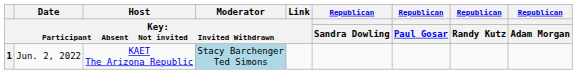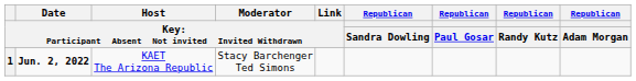 <table class="wikitable" style="text-align:center;">
 <tr>
 <th scope="col"></th>
 <th scope="col">Date</th>
 <th scope="col">Host</th>
 <th scope="col">Moderator</th>
 <th scope="col">Link</th>
 <th scope="col"><small><a href='#'>Republican</a></small></th>
 <th scope="col"><small><a href='#'>Republican</a></small></th>
 <th scope="col"><small><a href='#'>Republican</a></small></th>
 <th scope="col"><small><a href='#'>Republican</a></small></th>
 </tr>
 <tr>
 <th colspan="5" rowspan="2">Key:<br> <small>Participant </small>  <small>Absent </small>  <small>Not invited </small>  <small>Invited  Withdrawn</small></th>
 <th scope="col" style="background:"></th>
 <th scope="col" style="background:"></th>
 <th scope="col" style="background:"></th>
 <th scope="col" style="background:"></th>
 </tr>
 <tr>
 <th scope="col">Sandra Dowling</th>
 <th scope="col"><a href='#'>Paul Gosar</a></th>
 <th scope="col">Randy Kutz</th>
 <th scope="col">Adam Morgan</th>
 </tr>
 <tr>
 <th>1</th>
-<td style="white-space:nowrap;">Jun. 2, 2022</td>
+<td style="white-space:nowrap;"><strong>Jun. 2, 2022</strong></td>
 <td style="white-space:nowrap;"><a href='#'>KAET</a><br><a href='#'>The Arizona Republic</a></td>
-<td style="background: lightblue; white-space:nowrap;">Stacy Barchenger<br>Ted Simons</td>
+<td style="white-space:nowrap;">Stacy Barchenger<br>Ted Simons</td>
 <td style="white-space:nowrap;"></td>
 <td></td>
 <td></td>
 <td></td>
 <td></td>
 </tr>
 </table>
